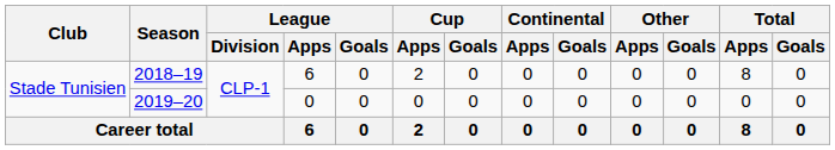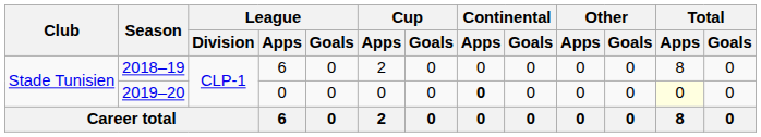 <table class="wikitable" style="text-align: center">
 <tr>
 <th rowspan="2">Club</th>
 <th rowspan="2">Season</th>
 <th colspan="3">League</th>
 <th colspan="2">Cup</th>
 <th colspan="2">Continental</th>
 <th colspan="2">Other</th>
 <th colspan="2">Total</th>
 </tr>
 <tr>
 <th>Division</th>
 <th>Apps</th>
 <th>Goals</th>
 <th>Apps</th>
 <th>Goals</th>
 <th>Apps</th>
 <th>Goals</th>
 <th>Apps</th>
 <th>Goals</th>
 <th>Apps</th>
 <th>Goals</th>
 </tr>
 <tr>
 <td rowspan="2"><a href='#'>Stade Tunisien</a></td>
 <td><a href='#'>2018–19</a></td>
 <td rowspan="2"><a href='#'>CLP-1</a></td>
 <td>6</td>
 <td>0</td>
 <td>2</td>
 <td>0</td>
 <td>0</td>
 <td>0</td>
 <td>0</td>
 <td>0</td>
 <td>8</td>
 <td>0</td>
 </tr>
 <tr>
 <td><a href='#'>2019–20</a></td>
 <td>0</td>
 <td>0</td>
 <td>0</td>
 <td>0</td>
+<td><strong>0</strong></td>
 <td>0</td>
 <td>0</td>
 <td>0</td>
-<td>0</td>
-<td>0</td>
+<td style="background: lightyellow;">0</td>
 <td>0</td>
 </tr>
 <tr>
 <th colspan=3>Career total</th>
 <th>6</th>
 <th>0</th>
 <th>2</th>
 <th>0</th>
 <th>0</th>
 <th>0</th>
 <th>0</th>
 <th>0</th>
 <th>8</th>
 <th>0</th>
 </tr>
 </table>
